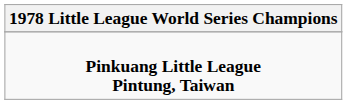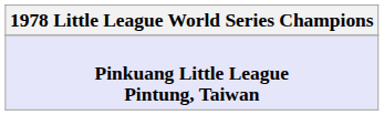 <table class="wikitable" style="text-align: center; margin: 0 auto;">
 <tr>
 <th>1978 Little League World Series Champions</th>
 </tr>
 <tr>
 </tr>
 <tr>
-<td><br><strong>Pinkuang Little League</strong><br><strong>Pintung, Taiwan</strong></td>
+<td style="background: lavender;"><br><strong>Pinkuang Little League</strong><br><strong>Pintung, Taiwan</strong></td>
 </tr>
 </table>
